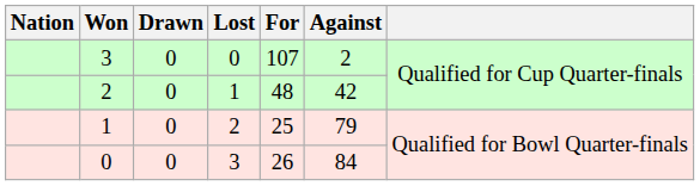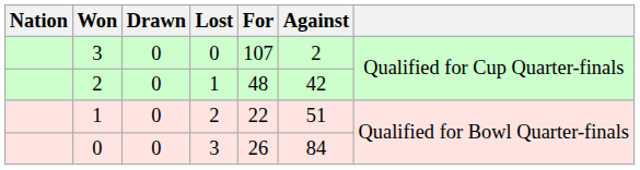 <table class="wikitable" style="text-align: center;">
 <tr>
 <th>Nation</th>
 <th>Won</th>
 <th>Drawn</th>
 <th>Lost</th>
 <th>For</th>
 <th>Against</th>
 <th></th>
 </tr>
 <tr bgcolor="#ccffcc">
 <td align="left"></td>
 <td>3</td>
 <td>0</td>
 <td>0</td>
 <td>107</td>
 <td>2</td>
 <td rowspan="2">Qualified for Cup Quarter-finals</td>
 </tr>
 <tr bgcolor="#ccffcc">
 <td align="left"></td>
 <td>2</td>
 <td>0</td>
 <td>1</td>
 <td>48</td>
 <td>42</td>
 </tr>
 <tr bgcolor="FFE4E1">
 <td align="left"></td>
 <td>1</td>
 <td>0</td>
 <td>2</td>
-<td>25</td>
-<td>79</td>
+<td>22</td>
+<td>51</td>
 <td rowspan="2">Qualified for Bowl Quarter-finals</td>
 </tr>
 <tr bgcolor="FFE4E1">
 <td align="left"></td>
 <td>0</td>
 <td>0</td>
 <td>3</td>
 <td>26</td>
 <td>84</td>
 </tr>
 </table>
